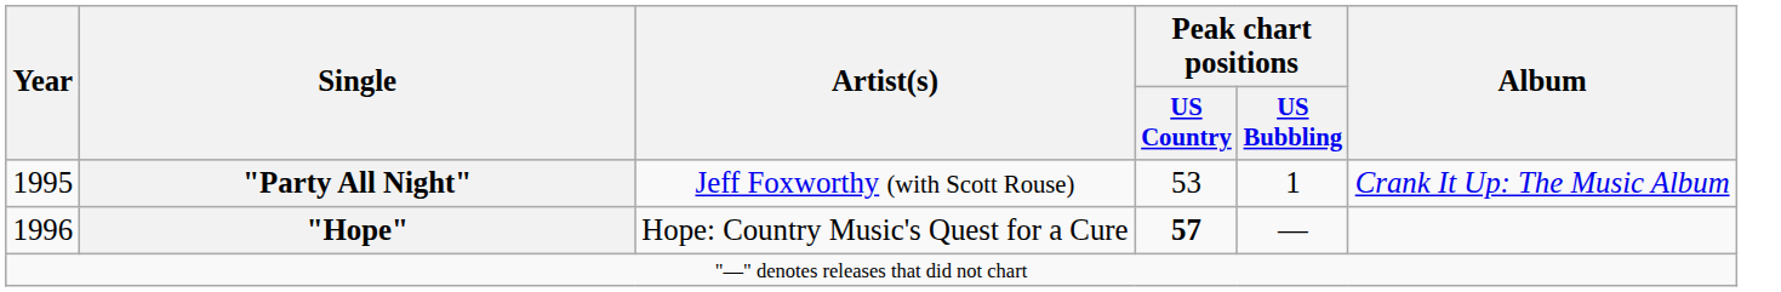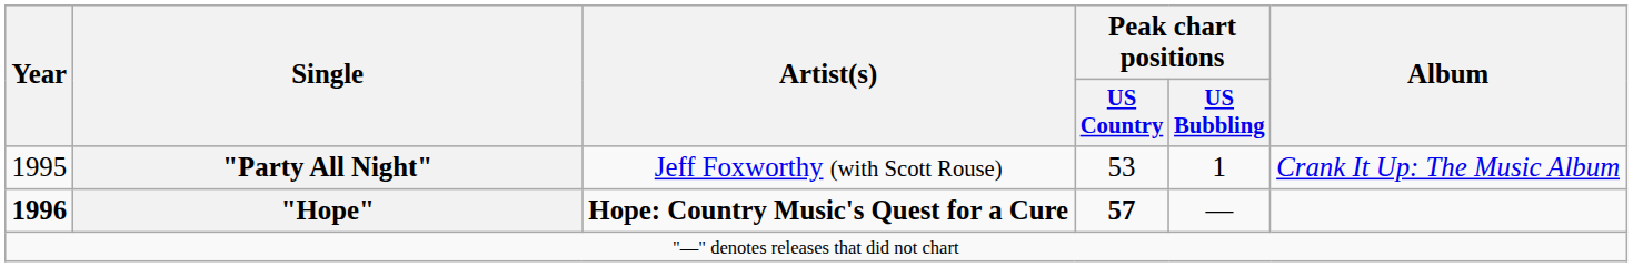 <table class="wikitable plainrowheaders" style="text-align:center;">
 <tr>
 <th rowspan="2">Year</th>
 <th rowspan="2" style="width:18em;">Single</th>
 <th rowspan="2">Artist(s)</th>
 <th colspan="2">Peak chart<br>positions</th>
 <th rowspan="2">Album</th>
 </tr>
 <tr style="font-size:smaller;">
 <th width="45"><a href='#'>US Country</a><br></th>
 <th width="45"><a href='#'>US Bubbling</a><br></th>
 </tr>
 <tr>
 <td>1995</td>
 <th scope="row">"Party All Night"</th>
 <td><a href='#'>Jeff Foxworthy</a> <small>(with Scott Rouse)</small></td>
 <td>53</td>
 <td>1</td>
 <td align="left"><em><a href='#'>Crank It Up: The Music Album</a></em></td>
 </tr>
 <tr>
-<td>1996</td>
+<td><strong>1996</strong></td>
 <th scope="row">"Hope"</th>
-<td>Hope: Country Music's Quest for a Cure</td>
+<td><strong>Hope: Country Music's Quest for a Cure</strong></td>
 <td><strong>57</strong></td>
 <td>—</td>
 <td></td>
 </tr>
 <tr>
 <td colspan="6" style="font-size:8pt">"—" denotes releases that did not chart</td>
 </tr>
 </table>
